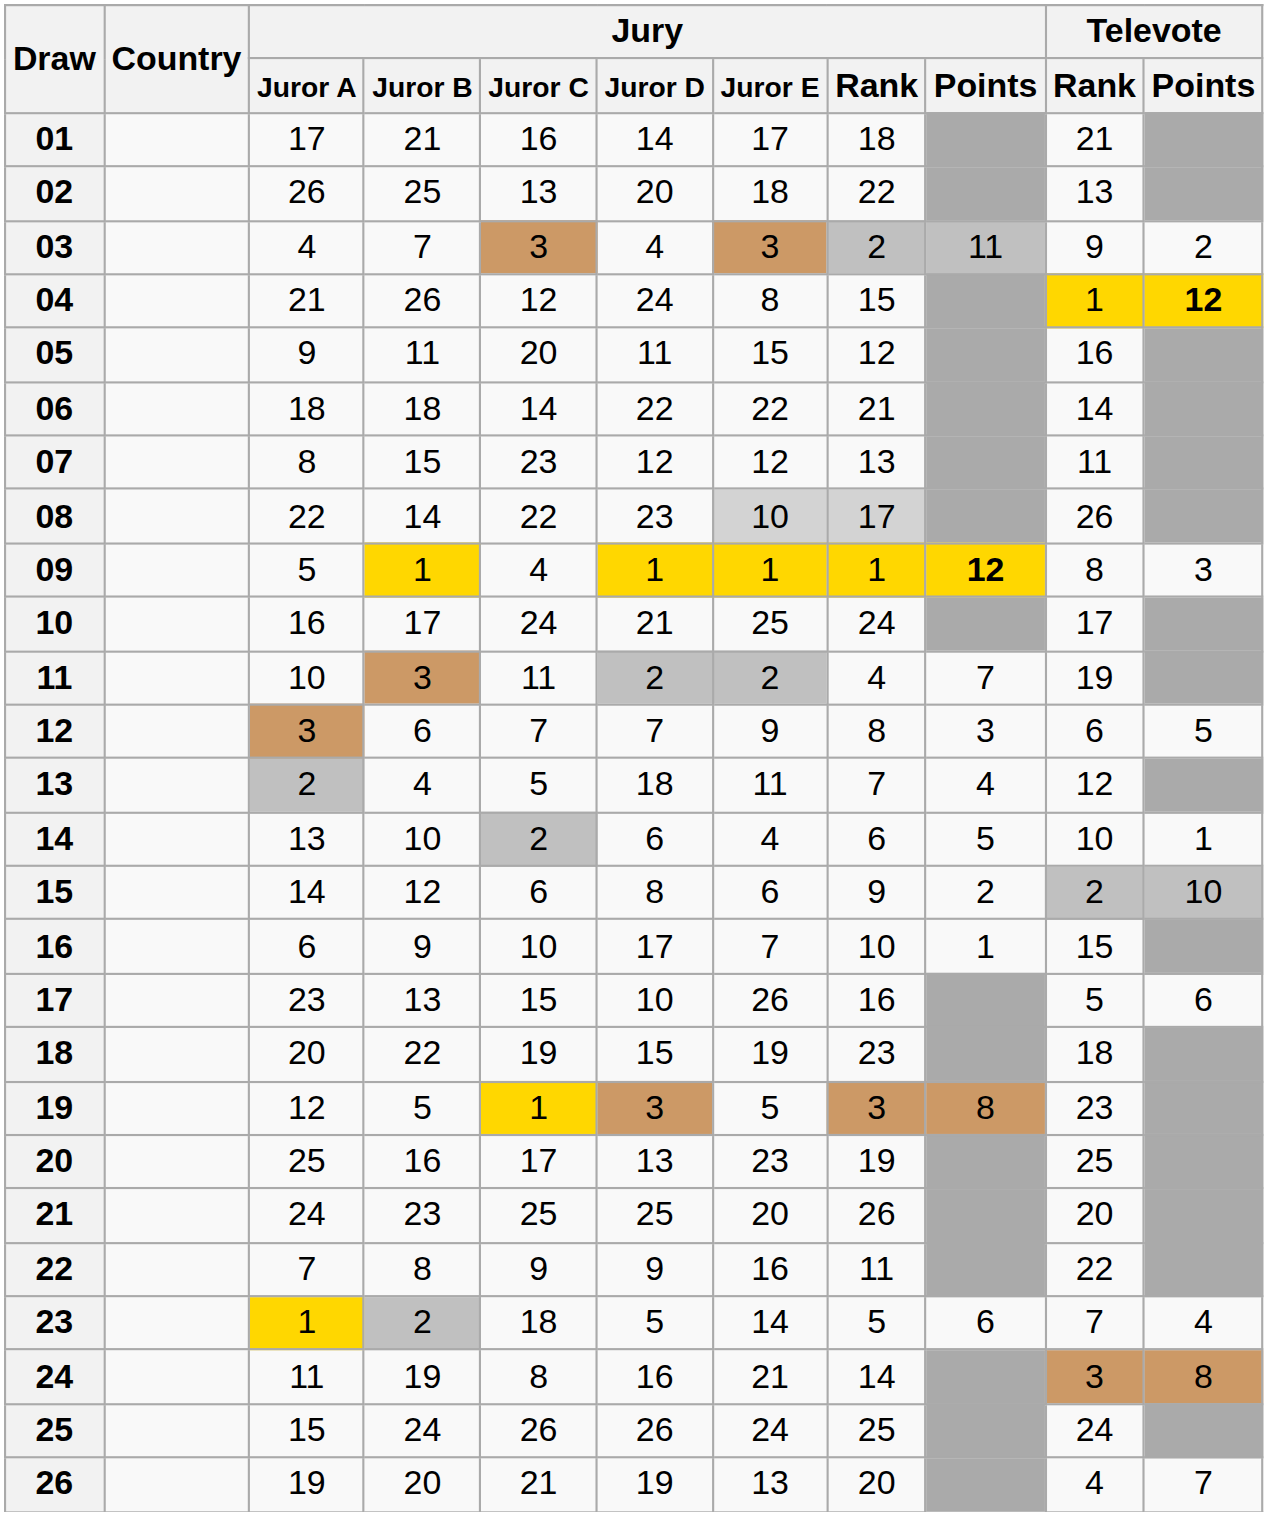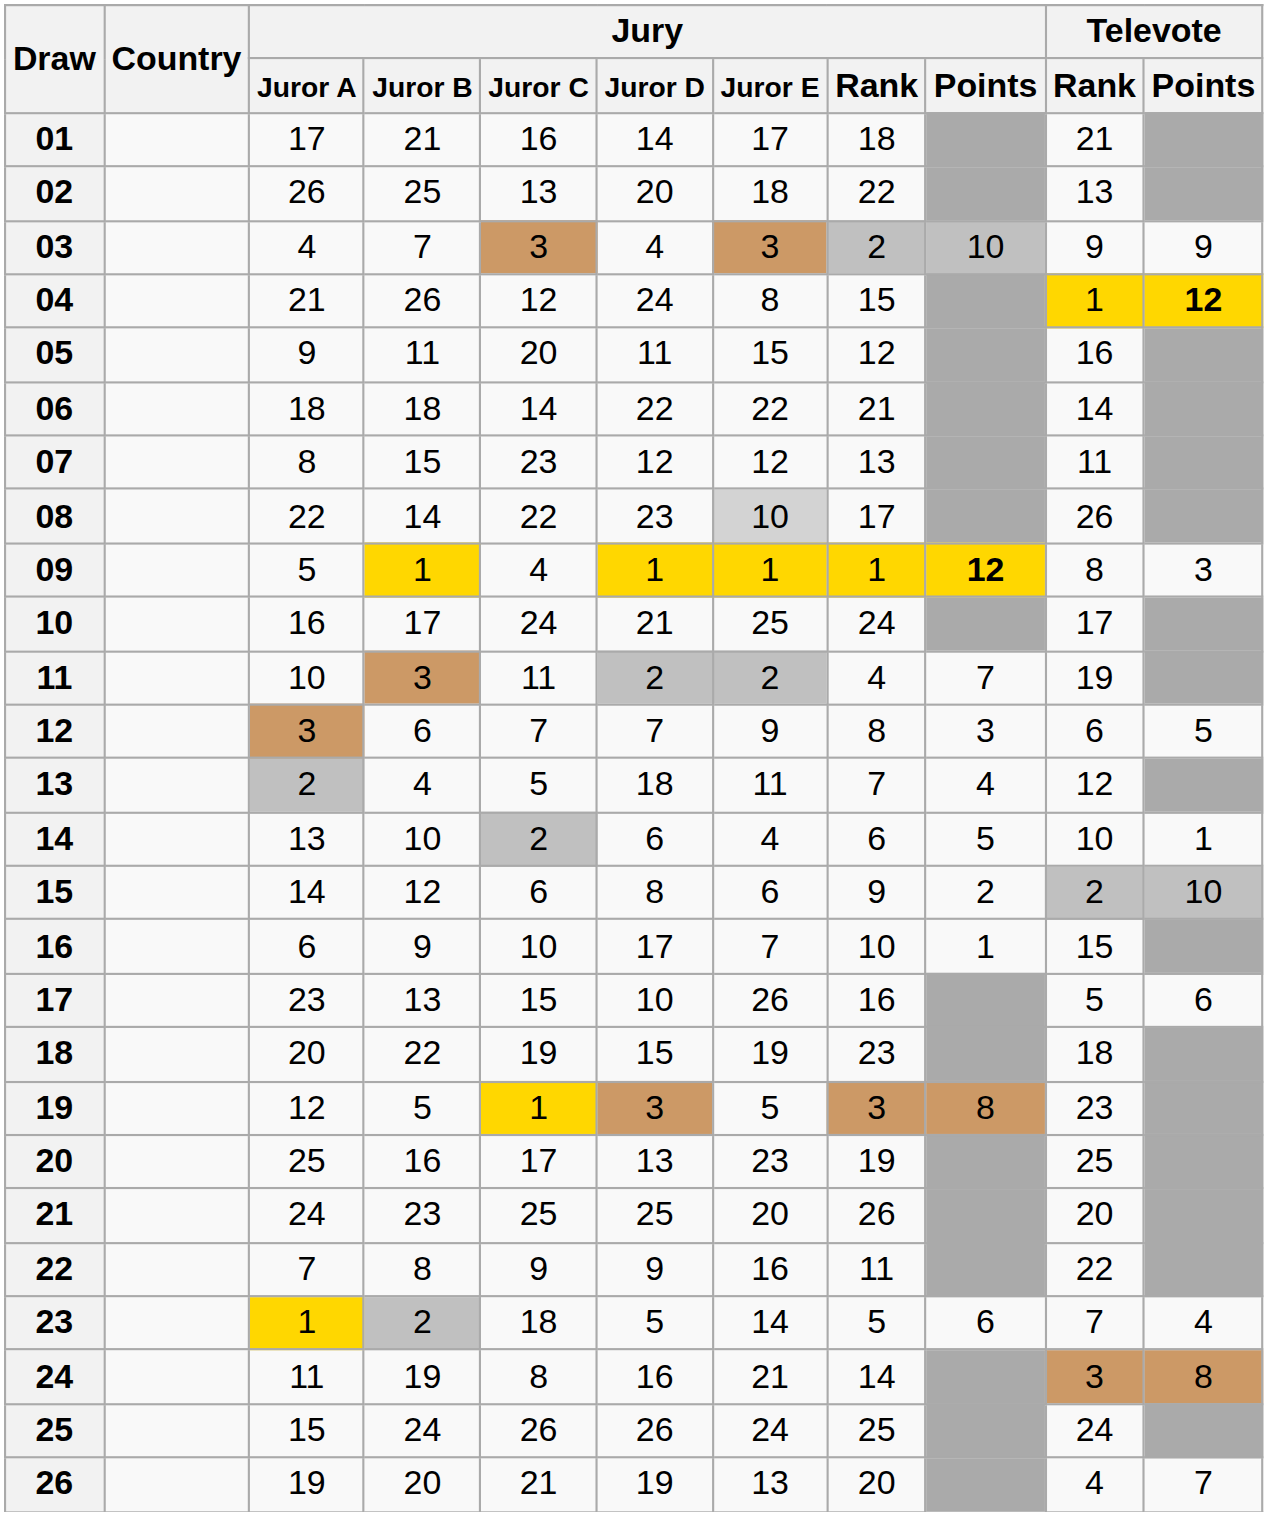 <table class="sortable wikitable collapsible plainrowheaders" style="text-align:center;">
 <tr>
 </tr>
 <tr>
 <th scope="col" rowspan="2">Draw</th>
 <th scope="col" rowspan="2">Country</th>
 <th scope="col" colspan="7">Jury</th>
 <th scope="col" colspan="2">Televote</th>
 </tr>
 <tr>
 <th scope="col"><small>Juror A</small></th>
 <th scope="col"><small>Juror B</small></th>
 <th scope="col"><small>Juror C</small></th>
 <th scope="col"><small>Juror D</small></th>
 <th scope="col"><small>Juror E</small></th>
 <th scope="col">Rank</th>
 <th scope="col" class="unsortable">Points</th>
 <th scope="col">Rank</th>
 <th scope="col" class="unsortable">Points</th>
 </tr>
 <tr>
 <th scope="row" style="text-align:center;">01</th>
 <td style="text-align:left;"></td>
 <td>17</td>
 <td>21</td>
 <td>16</td>
 <td>14</td>
 <td>17</td>
 <td>18</td>
 <td style="background:#AAAAAA;"></td>
 <td>21</td>
 <td style="background:#AAAAAA;"></td>
 </tr>
 <tr>
 <th scope="row" style="text-align:center;">02</th>
 <td style="text-align:left;"></td>
 <td>26</td>
 <td>25</td>
 <td>13</td>
 <td>20</td>
 <td>18</td>
 <td>22</td>
 <td style="background:#AAAAAA;"></td>
 <td>13</td>
 <td style="background:#AAAAAA;"></td>
 </tr>
 <tr>
 <th scope="row" style="text-align:center;">03</th>
 <td style="text-align:left;"></td>
 <td>4</td>
 <td>7</td>
 <td style="background:#CC9966;">3</td>
 <td>4</td>
 <td style="background:#CC9966;">3</td>
 <td style="background:silver;">2</td>
-<td style="background:silver;">11</td>
+<td style="background:silver;">10</td>
 <td>9</td>
-<td>2</td>
+<td>9</td>
 </tr>
 <tr>
 <th scope="row" style="text-align:center;">04</th>
 <td style="text-align:left;"></td>
 <td>21</td>
 <td>26</td>
 <td>12</td>
 <td>24</td>
 <td>8</td>
 <td>15</td>
 <td style="background:#AAAAAA;"></td>
 <td style="background:gold;">1</td>
 <td style="background:gold;"><strong>12</strong></td>
 </tr>
 <tr>
 <th scope="row" style="text-align:center;">05</th>
 <td style="text-align:left;"></td>
 <td>9</td>
 <td>11</td>
 <td>20</td>
 <td>11</td>
 <td>15</td>
 <td>12</td>
 <td style="background:#AAAAAA;"></td>
 <td>16</td>
 <td style="background:#AAAAAA;"></td>
 </tr>
 <tr>
 <th scope="row" style="text-align:center;">06</th>
 <td style="text-align:left;"></td>
 <td>18</td>
 <td>18</td>
 <td>14</td>
 <td>22</td>
 <td>22</td>
 <td>21</td>
 <td style="background:#AAAAAA;"></td>
 <td>14</td>
 <td style="background:#AAAAAA;"></td>
 </tr>
 <tr>
 <th scope="row" style="text-align:center;">07</th>
 <td style="text-align:left;"></td>
 <td>8</td>
 <td>15</td>
 <td>23</td>
 <td>12</td>
 <td>12</td>
 <td>13</td>
 <td style="background:#AAAAAA;"></td>
 <td>11</td>
 <td style="background:#AAAAAA;"></td>
 </tr>
 <tr>
 <th scope="row" style="text-align:center;">08</th>
 <td style="text-align:left;"></td>
 <td>22</td>
 <td>14</td>
 <td>22</td>
 <td>23</td>
 <td style="background: lightgrey;">10</td>
-<td style="background: lightgrey;">17</td>
+<td>17</td>
 <td style="background:#AAAAAA;"></td>
 <td>26</td>
 <td style="background:#AAAAAA;"></td>
 </tr>
 <tr>
 <th scope="row" style="text-align:center;">09</th>
 <td style="text-align:left;"></td>
 <td>5</td>
 <td style="background:gold;">1</td>
 <td>4</td>
 <td style="background:gold;">1</td>
 <td style="background:gold;">1</td>
 <td style="background:gold;">1</td>
 <td style="background:gold;"><strong>12</strong></td>
 <td>8</td>
 <td>3</td>
 </tr>
 <tr>
 <th scope="row" style="text-align:center;">10</th>
 <td style="text-align:left;"></td>
 <td>16</td>
 <td>17</td>
 <td>24</td>
 <td>21</td>
 <td>25</td>
 <td>24</td>
 <td style="background:#AAAAAA;"></td>
 <td>17</td>
 <td style="background:#AAAAAA;"></td>
 </tr>
 <tr>
 <th scope="row" style="text-align:center;">11</th>
 <td style="text-align:left;"></td>
 <td>10</td>
 <td style="background:#CC9966;">3</td>
 <td>11</td>
 <td style="background:silver;">2</td>
 <td style="background:silver;">2</td>
 <td>4</td>
 <td>7</td>
 <td>19</td>
 <td style="background:#AAAAAA;"></td>
 </tr>
 <tr>
 <th scope="row" style="text-align:center;">12</th>
 <td style="text-align:left;"></td>
 <td style="background:#CC9966;">3</td>
 <td>6</td>
 <td>7</td>
 <td>7</td>
 <td>9</td>
 <td>8</td>
 <td>3</td>
 <td>6</td>
 <td>5</td>
 </tr>
 <tr>
 <th scope="row" style="text-align:center;">13</th>
 <td style="text-align:left;"></td>
 <td style="background:silver;">2</td>
 <td>4</td>
 <td>5</td>
 <td>18</td>
 <td>11</td>
 <td>7</td>
 <td>4</td>
 <td>12</td>
 <td style="background:#AAAAAA;"></td>
 </tr>
 <tr>
 <th scope="row" style="text-align:center;">14</th>
 <td style="text-align:left;"></td>
 <td>13</td>
 <td>10</td>
 <td style="background:silver;">2</td>
 <td>6</td>
 <td>4</td>
 <td>6</td>
 <td>5</td>
 <td>10</td>
 <td>1</td>
 </tr>
 <tr>
 <th scope="row" style="text-align:center;">15</th>
 <td style="text-align:left;"></td>
 <td>14</td>
 <td>12</td>
 <td>6</td>
 <td>8</td>
 <td>6</td>
 <td>9</td>
 <td>2</td>
 <td style="background:silver;">2</td>
 <td style="background:silver;">10</td>
 </tr>
 <tr>
 <th scope="row" style="text-align:center;">16</th>
 <td style="text-align:left;"></td>
 <td>6</td>
 <td>9</td>
 <td>10</td>
 <td>17</td>
 <td>7</td>
 <td>10</td>
 <td>1</td>
 <td>15</td>
 <td style="background:#AAAAAA;"></td>
 </tr>
 <tr>
 <th scope="row" style="text-align:center;">17</th>
 <td style="text-align:left;"></td>
 <td>23</td>
 <td>13</td>
 <td>15</td>
 <td>10</td>
 <td>26</td>
 <td>16</td>
 <td style="background:#AAAAAA;"></td>
 <td>5</td>
 <td>6</td>
 </tr>
 <tr>
 <th scope="row" style="text-align:center;">18</th>
 <td style="text-align:left;"></td>
 <td>20</td>
 <td>22</td>
 <td>19</td>
 <td>15</td>
 <td>19</td>
 <td>23</td>
 <td style="background:#AAAAAA;"></td>
 <td>18</td>
 <td style="background:#AAAAAA;"></td>
 </tr>
 <tr>
 <th scope="row" style="text-align:center;">19</th>
 <td style="text-align:left;"></td>
 <td>12</td>
 <td>5</td>
 <td style="background:gold;">1</td>
 <td style="background:#CC9966;">3</td>
 <td>5</td>
 <td style="background:#CC9966;">3</td>
 <td style="background:#CC9966;">8</td>
 <td>23</td>
 <td style="background:#AAAAAA;"></td>
 </tr>
 <tr>
 <th scope="row" style="text-align:center;">20</th>
 <td style="text-align:left;"></td>
 <td>25</td>
 <td>16</td>
 <td>17</td>
 <td>13</td>
 <td>23</td>
 <td>19</td>
 <td style="background:#AAAAAA;"></td>
 <td>25</td>
 <td style="background:#AAAAAA;"></td>
 </tr>
 <tr>
 <th scope="row" style="text-align:center;">21</th>
 <td style="text-align:left;"></td>
 <td>24</td>
 <td>23</td>
 <td>25</td>
 <td>25</td>
 <td>20</td>
 <td>26</td>
 <td style="background:#AAAAAA;"></td>
 <td>20</td>
 <td style="background:#AAAAAA;"></td>
 </tr>
 <tr>
 <th scope="row" style="text-align:center;">22</th>
 <td style="text-align:left;"></td>
 <td>7</td>
 <td>8</td>
 <td>9</td>
 <td>9</td>
 <td>16</td>
 <td>11</td>
 <td style="background:#AAAAAA;"></td>
 <td>22</td>
 <td style="background:#AAAAAA;"></td>
 </tr>
 <tr>
 <th scope="row" style="text-align:center;">23</th>
 <td style="text-align:left;"></td>
 <td style="background:gold;">1</td>
 <td style="background:silver;">2</td>
 <td>18</td>
 <td>5</td>
 <td>14</td>
 <td>5</td>
 <td>6</td>
 <td>7</td>
 <td>4</td>
 </tr>
 <tr>
 <th scope="row" style="text-align:center;">24</th>
 <td style="text-align:left;"></td>
 <td>11</td>
 <td>19</td>
 <td>8</td>
 <td>16</td>
 <td>21</td>
 <td>14</td>
 <td style="background:#AAAAAA;"></td>
 <td style="background:#CC9966;">3</td>
 <td style="background:#CC9966;">8</td>
 </tr>
 <tr>
 <th scope="row" style="text-align:center;">25</th>
 <td style="text-align:left;"></td>
 <td>15</td>
 <td>24</td>
 <td>26</td>
 <td>26</td>
 <td>24</td>
 <td>25</td>
 <td style="background:#AAAAAA;"></td>
 <td>24</td>
 <td style="background:#AAAAAA;"></td>
 </tr>
 <tr>
 <th scope="row" style="text-align:center;">26</th>
 <td style="text-align:left;"></td>
 <td>19</td>
 <td>20</td>
 <td>21</td>
 <td>19</td>
 <td>13</td>
 <td>20</td>
 <td style="background:#AAAAAA;"></td>
 <td>4</td>
 <td>7</td>
 </tr>
 </table>
